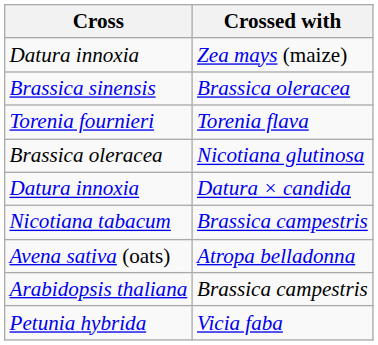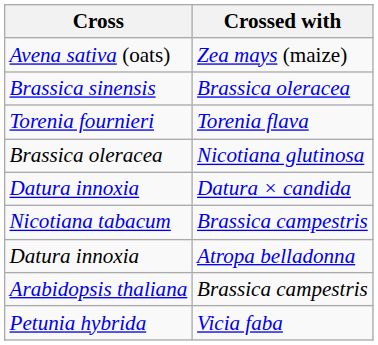 <table class="wikitable">
 <tr>
 <th>Cross</th>
 <th>Crossed with</th>
 </tr>
 <tr>
-<td><em>Datura innoxia</em></td>
+<td><em><a href='#'>Avena sativa</a></em> (oats)</td>
 <td><em><a href='#'>Zea mays</a></em> (maize)</td>
 </tr>
 <tr>
 <td><em><a href='#'>Brassica sinensis</a></em></td>
 <td><em><a href='#'>Brassica oleracea</a></em></td>
 </tr>
 <tr>
 <td><em><a href='#'>Torenia fournieri</a></em></td>
 <td><em><a href='#'>Torenia flava</a></em></td>
 </tr>
 <tr>
 <td><em>Brassica oleracea</em></td>
 <td><em><a href='#'>Nicotiana glutinosa</a></em></td>
 </tr>
 <tr>
 <td><em><a href='#'>Datura innoxia</a></em></td>
 <td><em><a href='#'>Datura × candida</a></em></td>
 </tr>
 <tr>
 <td><em><a href='#'>Nicotiana tabacum</a></em></td>
 <td><em><a href='#'>Brassica campestris</a></em></td>
 </tr>
 <tr>
-<td><em><a href='#'>Avena sativa</a></em> (oats)</td>
+<td><em>Datura innoxia</em></td>
 <td><em><a href='#'>Atropa belladonna</a></em></td>
 </tr>
 <tr>
 <td><em><a href='#'>Arabidopsis thaliana</a></em></td>
 <td><em>Brassica campestris</em></td>
 </tr>
 <tr>
 <td><em><a href='#'>Petunia hybrida</a></em></td>
 <td><em><a href='#'>Vicia faba</a></em></td>
 </tr>
 </table>
